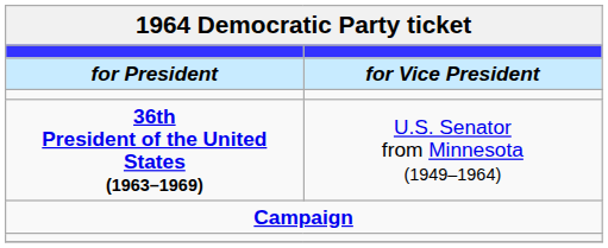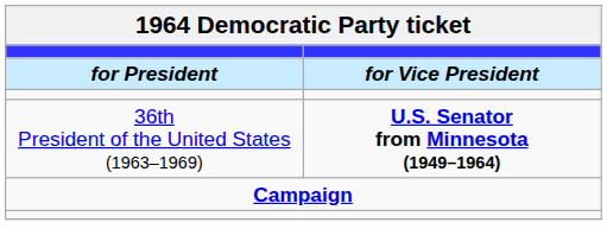 <table class="wikitable" style="font-size:90%; text-align:center;">
 <tr>
 <td style="background:#f1f1f1;" colspan="30"><big> <strong>1964 Democratic Party ticket</strong></big></td>
 </tr>
 <tr>
 <th style="width:3em; font-size:135%; background:#3333FF; width:200px;"><a href='#'></a></th>
 <th style="width:3em; font-size:135%; background:#3333FF; width:200px;"><a href='#'></a></th>
 </tr>
 <tr style="color:#000; font-size:100%; background:#c8ebff;">
 <td style="width:3em; width:200px;"><strong><em>for President</em></strong></td>
 <td style="width:3em; width:200px;"><strong><em>for Vice President</em></strong></td>
 </tr>
 <tr>
 <td></td>
 <td></td>
 </tr>
 <tr>
-<td><strong><a href='#'>36th</a><br><a href='#'>President of the United States</a><br><small>(1963–1969)</small></strong></td>
-<td><a href='#'>U.S. Senator</a><br>from <a href='#'>Minnesota</a><br><small>(1949–1964)</small></td>
+<td><a href='#'>36th</a><br><a href='#'>President of the United States</a><br><small>(1963–1969)</small></td>
+<td><strong><a href='#'>U.S. Senator</a><br>from <a href='#'>Minnesota</a><br><small>(1949–1964)</small></strong></td>
 </tr>
 <tr>
 <td colspan=2><strong><a href='#'>Campaign</a></strong></td>
 </tr>
 <tr>
 <td colspan=2></td>
 </tr>
 <tr>
 </tr>
 </table>
